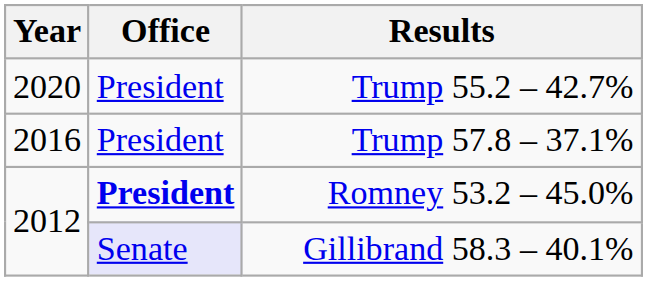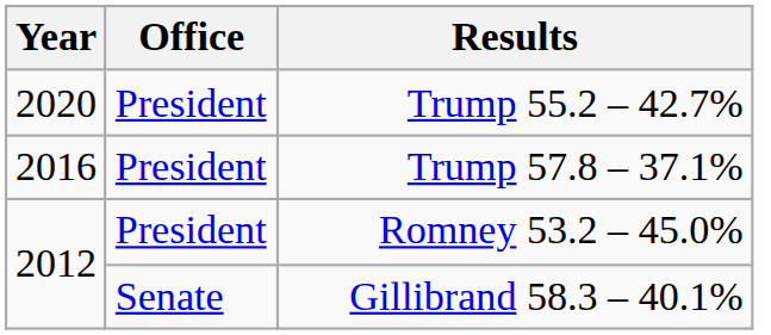 <table class=wikitable>
 <tr>
 <th width="30">Year</th>
 <th width="60">Office</th>
 <th width="180">Results</th>
 </tr>
 <tr>
 <td>2020</td>
 <td><a href='#'>President</a></td>
 <td align="right" ><a href='#'>Trump</a> 55.2 – 42.7%</td>
 </tr>
 <tr>
 <td>2016</td>
 <td><a href='#'>President</a></td>
 <td align="right" ><a href='#'>Trump</a> 57.8 – 37.1%</td>
 </tr>
 <tr>
 <td rowspan="2">2012</td>
-<td><strong><a href='#'>President</a></strong></td>
+<td><a href='#'>President</a></td>
 <td align="right" ><a href='#'>Romney</a> 53.2 – 45.0%</td>
 </tr>
 <tr>
-<td style="background: lavender;"><a href='#'>Senate</a></td>
+<td><a href='#'>Senate</a></td>
 <td align="right" ><a href='#'>Gillibrand</a> 58.3 – 40.1%</td>
 </tr>
 </table>
